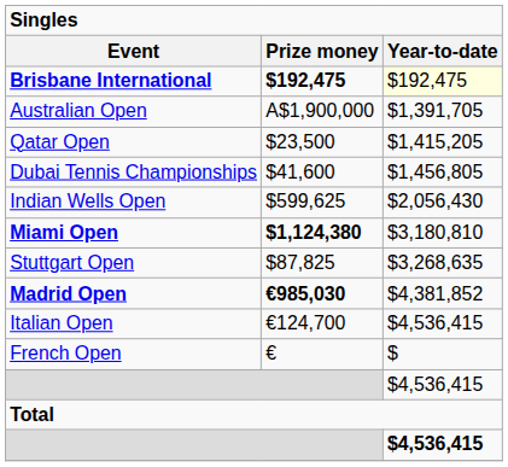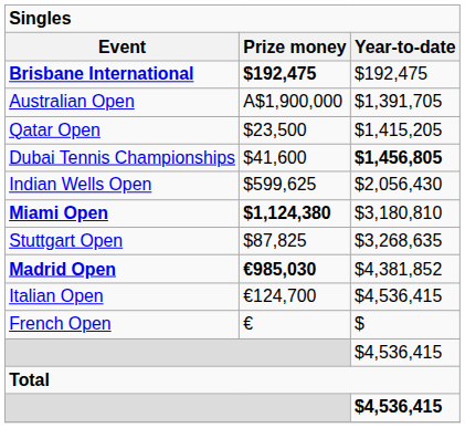 <table class="wikitable sortable">
 <tr>
 <td colspan=3><strong>Singles</strong></td>
 </tr>
 <tr>
 <th>Event</th>
 <th>Prize money</th>
 <th>Year-to-date</th>
 </tr>
 <tr>
 <td><strong><a href='#'>Brisbane International</a></strong></td>
 <td><strong>$192,475</strong></td>
-<td style="background: lightyellow;">$192,475</td>
+<td>$192,475</td>
 </tr>
 <tr>
 <td><a href='#'>Australian Open</a></td>
 <td>A$1,900,000</td>
 <td>$1,391,705</td>
 </tr>
 <tr>
 <td><a href='#'>Qatar Open</a></td>
 <td>$23,500</td>
 <td>$1,415,205</td>
 </tr>
 <tr>
 <td><a href='#'>Dubai Tennis Championships</a></td>
 <td>$41,600</td>
-<td>$1,456,805</td>
+<td><strong>$1,456,805</strong></td>
 </tr>
 <tr>
 <td><a href='#'>Indian Wells Open</a></td>
 <td>$599,625</td>
 <td>$2,056,430</td>
 </tr>
 <tr>
 <td><strong><a href='#'>Miami Open</a></strong></td>
 <td><strong>$1,124,380</strong></td>
 <td>$3,180,810</td>
 </tr>
 <tr>
 <td><a href='#'>Stuttgart Open</a></td>
 <td>$87,825</td>
 <td>$3,268,635</td>
 </tr>
 <tr>
 <td><strong><a href='#'>Madrid Open</a></strong></td>
 <td><strong>€985,030</strong></td>
 <td>$4,381,852</td>
 </tr>
 <tr>
 <td><a href='#'>Italian Open</a></td>
 <td>€124,700</td>
 <td>$4,536,415</td>
 </tr>
 <tr>
 <td><a href='#'>French Open</a></td>
 <td>€</td>
 <td>$</td>
 </tr>
 <tr class="sortbottom">
 <td colspan=2 bgcolor=#DCDCDC></td>
 <td>$4,536,415</td>
 </tr>
 <tr>
 <td colspan=3><strong>Total</strong> </td>
 </tr>
 <tr class="sortbottom">
 <td colspan=2 bgcolor=#DCDCDC></td>
 <td><strong>$4,536,415</strong></td>
 </tr>
 <tr>
 </tr>
 </table>
